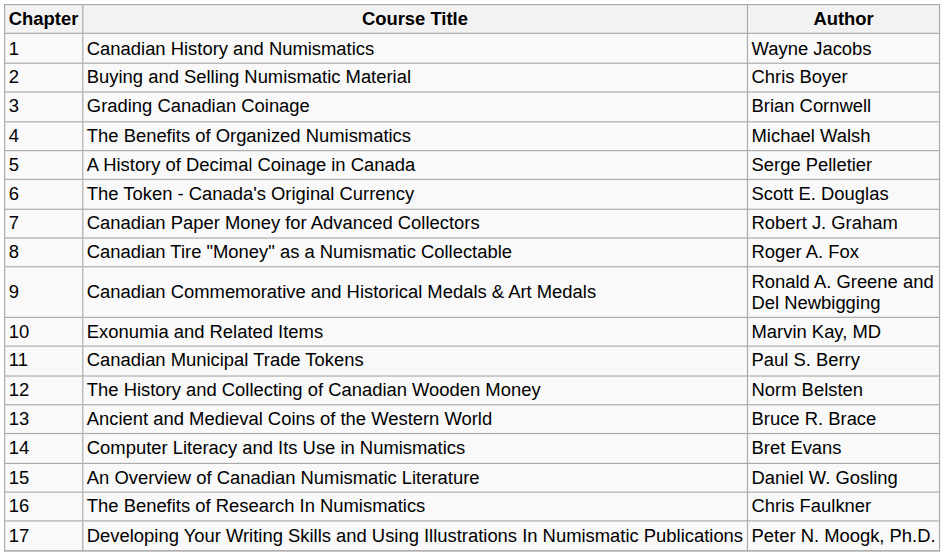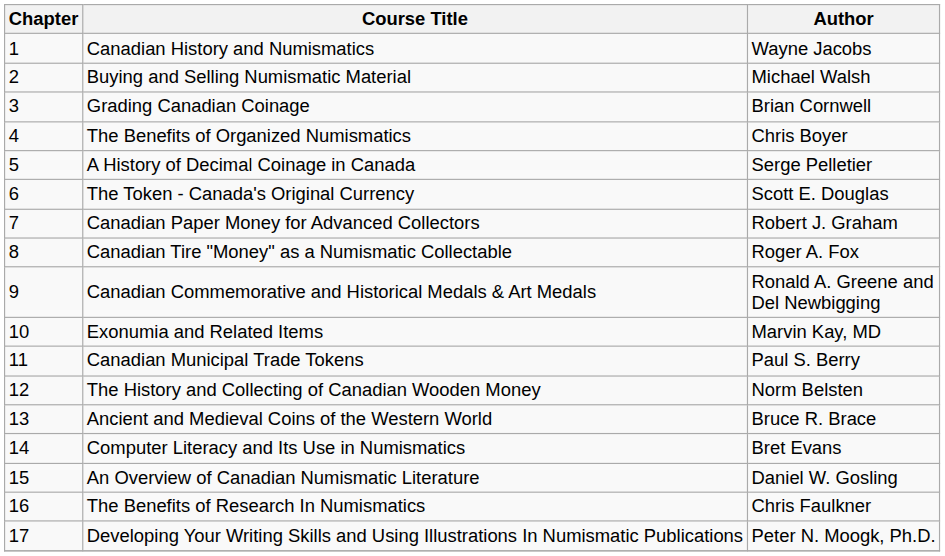 <table class="wikitable">
 <tr>
 <th>Chapter</th>
 <th>Course Title</th>
 <th>Author</th>
 </tr>
 <tr>
 <td>1</td>
 <td>Canadian History and Numismatics</td>
 <td>Wayne Jacobs</td>
 </tr>
 <tr>
 <td>2</td>
 <td>Buying and Selling Numismatic Material</td>
-<td>Chris Boyer</td>
+<td>Michael Walsh</td>
 </tr>
 <tr>
 <td>3</td>
 <td>Grading Canadian Coinage</td>
 <td>Brian Cornwell</td>
 </tr>
 <tr>
 <td>4</td>
 <td>The Benefits of Organized Numismatics</td>
-<td>Michael Walsh</td>
+<td>Chris Boyer</td>
 </tr>
 <tr>
 <td>5</td>
 <td>A History of Decimal Coinage in Canada</td>
 <td>Serge Pelletier</td>
 </tr>
 <tr>
 <td>6</td>
 <td>The Token - Canada's Original Currency</td>
 <td>Scott E. Douglas</td>
 </tr>
 <tr>
 <td>7</td>
 <td>Canadian Paper Money for Advanced Collectors</td>
 <td>Robert J. Graham</td>
 </tr>
 <tr>
 <td>8</td>
 <td>Canadian Tire "Money" as a Numismatic Collectable</td>
 <td>Roger A. Fox</td>
 </tr>
 <tr>
 <td>9</td>
 <td>Canadian Commemorative and Historical Medals & Art Medals</td>
 <td>Ronald A. Greene and<br>Del Newbigging</td>
 </tr>
 <tr>
 <td>10</td>
 <td>Exonumia and Related Items</td>
 <td>Marvin Kay, MD</td>
 </tr>
 <tr>
 <td>11</td>
 <td>Canadian Municipal Trade Tokens</td>
 <td>Paul S. Berry</td>
 </tr>
 <tr>
 <td>12</td>
 <td>The History and Collecting of Canadian Wooden Money</td>
 <td>Norm Belsten</td>
 </tr>
 <tr>
 <td>13</td>
 <td>Ancient and Medieval Coins of the Western World</td>
 <td>Bruce R. Brace</td>
 </tr>
 <tr>
 <td>14</td>
 <td>Computer Literacy and Its Use in Numismatics</td>
 <td>Bret Evans</td>
 </tr>
 <tr>
 <td>15</td>
 <td>An Overview of Canadian Numismatic Literature</td>
 <td>Daniel W. Gosling</td>
 </tr>
 <tr>
 <td>16</td>
 <td>The Benefits of Research In Numismatics</td>
 <td>Chris Faulkner</td>
 </tr>
 <tr>
 <td>17</td>
 <td>Developing Your Writing Skills and Using Illustrations In Numismatic Publications</td>
 <td>Peter N. Moogk, Ph.D.</td>
 </tr>
 <tr>
 </tr>
 </table>
